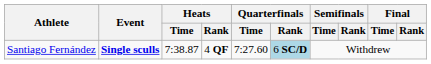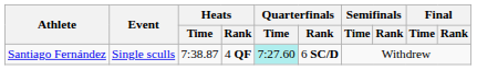 <table class="wikitable" style="font-size:90%">
 <tr>
 <th rowspan="2">Athlete</th>
 <th rowspan="2">Event</th>
 <th colspan="2">Heats</th>
 <th colspan="2">Quarterfinals</th>
 <th colspan="2">Semifinals</th>
 <th colspan="2">Final</th>
 </tr>
 <tr style="font-size:95%">
 <th>Time</th>
 <th>Rank</th>
 <th>Time</th>
 <th>Rank</th>
 <th>Time</th>
 <th>Rank</th>
 <th>Time</th>
 <th>Rank</th>
 </tr>
 <tr align=center>
 <td align=left><a href='#'>Santiago Fernández</a></td>
-<td align=left><strong><a href='#'>Single sculls</a></strong></td>
+<td align=left><a href='#'>Single sculls</a></td>
 <td>7:38.87</td>
 <td>4 <strong>QF</strong></td>
-<td>7:27.60</td>
-<td style="background: lightblue;">6 <strong>SC/D</strong></td>
+<td style="background: paleturquoise;">7:27.60</td>
+<td>6 <strong>SC/D</strong></td>
 <td colspan=4>Withdrew</td>
 </tr>
 </table>
